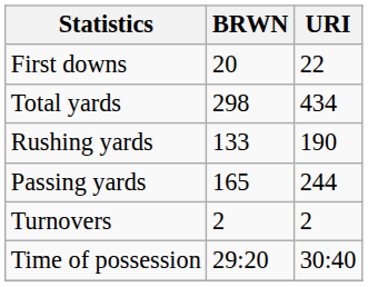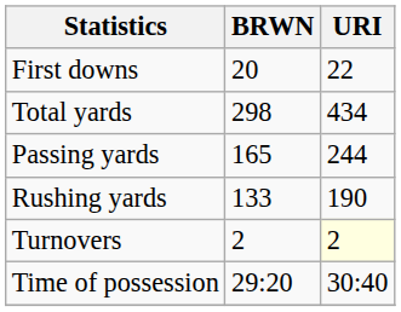 <table class="wikitable" style="float: left;">
 <tr>
 <th>Statistics</th>
 <th>BRWN</th>
 <th>URI</th>
 </tr>
 <tr>
 <td>First downs</td>
 <td>20</td>
 <td>22</td>
 </tr>
 <tr>
 <td>Total yards</td>
 <td>298</td>
 <td>434</td>
 </tr>
 <tr>
+<td>Passing yards</td>
+<td>165</td>
+<td>244</td>
+</tr>
+<tr>
 <td>Rushing yards</td>
 <td>133</td>
 <td>190</td>
 </tr>
 <tr>
-<td>Passing yards</td>
-<td>165</td>
-<td>244</td>
-</tr>
-<tr>
 <td>Turnovers</td>
 <td>2</td>
-<td>2</td>
+<td style="background: lightyellow;">2</td>
 </tr>
 <tr>
 <td>Time of possession</td>
 <td>29:20</td>
 <td>30:40</td>
 </tr>
 <tr>
 </tr>
 </table>
